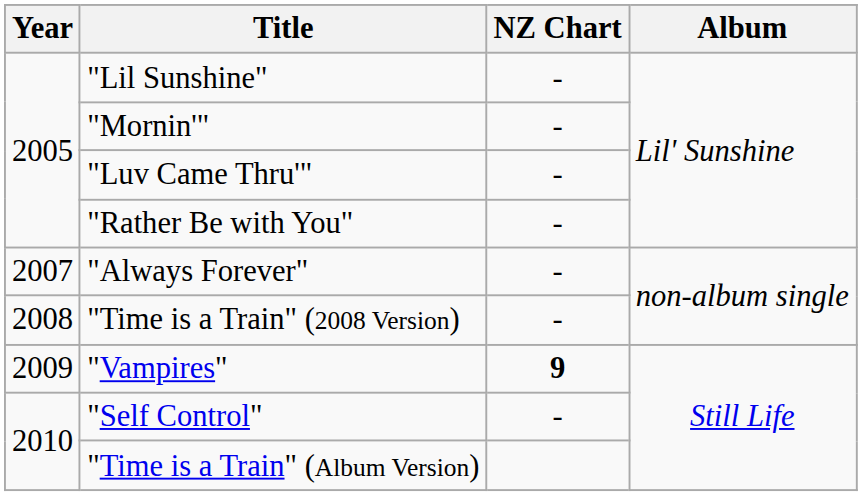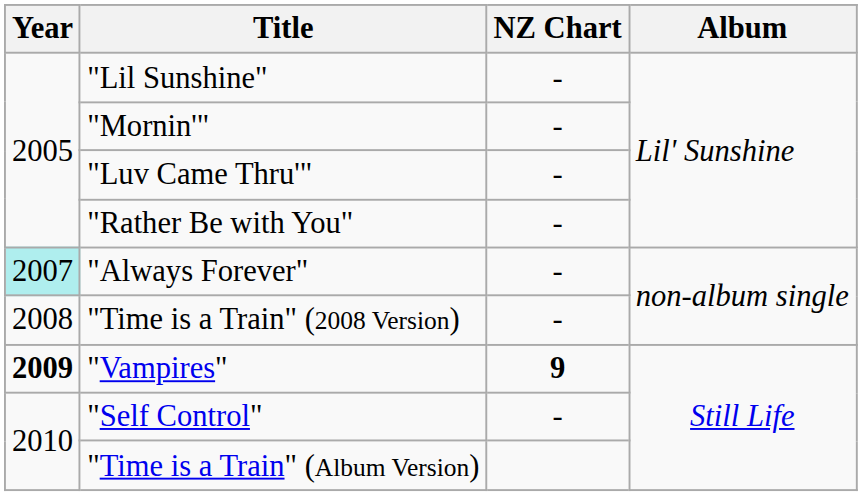 <table class="wikitable" border="1">
 <tr>
 <th>Year</th>
 <th>Title</th>
 <th>NZ Chart</th>
 <th>Album</th>
 </tr>
 <tr>
 <td rowspan="4">2005</td>
 <td>"Lil Sunshine"</td>
 <td align="center">-</td>
 <td rowspan="4"><em>Lil' Sunshine</em></td>
 </tr>
 <tr>
 <td>"Mornin'"</td>
 <td align="center">-</td>
 </tr>
 <tr>
 <td>"Luv Came Thru'"</td>
 <td align="center">-</td>
 </tr>
 <tr>
 <td>"Rather Be with You"</td>
 <td align="center">-</td>
 </tr>
 <tr>
-<td rowspan="1">2007</td>
+<td rowspan="1" style="background: paleturquoise;">2007</td>
 <td>"Always Forever"</td>
 <td align="center">-</td>
 <td align="center" rowspan="2"><em>non-album single</em></td>
 </tr>
 <tr>
 <td rowspan="1">2008</td>
 <td>"Time is a Train" (<small>2008 Version</small>)</td>
 <td align="center">-</td>
 </tr>
 <tr>
-<td rowspan="1">2009</td>
+<td rowspan="1"><strong>2009</strong></td>
 <td>"<a href='#'>Vampires</a>"</td>
 <td align="center"><strong>9</strong></td>
 <td align="center" rowspan="4"><em><a href='#'>Still Life</a></em></td>
 </tr>
 <tr>
 <td rowspan="2">2010</td>
 <td>"<a href='#'>Self Control</a>"</td>
 <td align="center">-</td>
 </tr>
 <tr>
 <td>"<a href='#'>Time is a Train</a>" (<small>Album Version</small>)</td>
 <td align="center"></td>
 </tr>
 </table>
